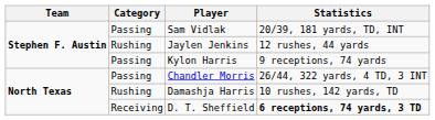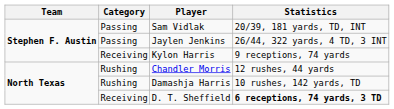 <table class="wikitable" style="float: right;">
 <tr>
 <th>Team</th>
 <th>Category</th>
 <th>Player</th>
 <th>Statistics</th>
 </tr>
 <tr>
 <td rowspan=3><strong>Stephen F. Austin</strong></td>
 <td>Passing</td>
 <td>Sam Vidlak</td>
 <td>20/39, 181 yards, TD, INT</td>
 </tr>
 <tr>
-<td>Rushing</td>
+<td>Passing</td>
 <td>Jaylen Jenkins</td>
-<td>12 rushes, 44 yards</td>
+<td>26/44, 322 yards, 4 TD, 3 INT</td>
 </tr>
 <tr>
-<td>Passing</td>
+<td>Receiving</td>
 <td>Kylon Harris</td>
 <td>9 receptions, 74 yards</td>
 </tr>
 <tr>
 <td rowspan=3><strong>North Texas</strong></td>
-<td>Passing</td>
+<td>Rushing</td>
 <td><a href='#'>Chandler Morris</a></td>
-<td>26/44, 322 yards, 4 TD, 3 INT</td>
+<td>12 rushes, 44 yards</td>
 </tr>
 <tr>
 <td>Rushing</td>
 <td>Damashja Harris</td>
 <td>10 rushes, 142 yards, TD</td>
 </tr>
 <tr>
 <td>Receiving</td>
 <td>D. T. Sheffield</td>
 <td><strong>6 receptions, 74 yards, 3 TD</strong></td>
 </tr>
 </table>
